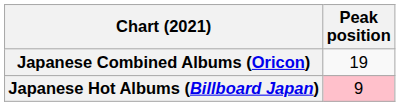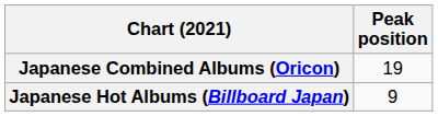 <table class="wikitable sortable plainrowheaders" style="text-align:center">
 <tr>
 <th scope="col">Chart (2021)</th>
 <th scope="col">Peak<br>position</th>
 </tr>
 <tr>
 <th scope="row">Japanese Combined Albums (<a href='#'>Oricon</a>)</th>
 <td>19</td>
 </tr>
 <tr>
 <th scope="row">Japanese Hot Albums (<em><a href='#'>Billboard Japan</a></em>)</th>
-<td style="background: pink;">9</td>
+<td>9</td>
 </tr>
 </table>
